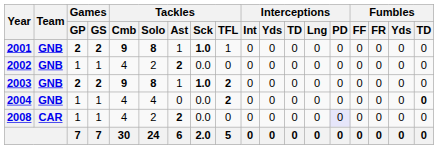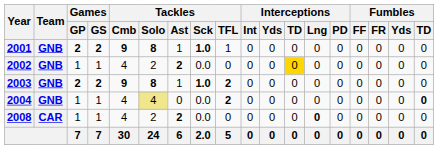 <table class="wikitable" style="text-align:center">
 <tr>
 <th rowspan="2">Year</th>
 <th rowspan="2">Team</th>
 <th colspan="2">Games</th>
 <th colspan="5">Tackles</th>
 <th colspan="5">Interceptions</th>
 <th colspan="4">Fumbles</th>
 </tr>
 <tr>
 <th>GP</th>
 <th>GS</th>
 <th>Cmb</th>
 <th>Solo</th>
 <th>Ast</th>
 <th>Sck</th>
 <th>TFL</th>
 <th>Int</th>
 <th>Yds</th>
 <th>TD</th>
 <th>Lng</th>
 <th>PD</th>
 <th>FF</th>
 <th>FR</th>
 <th>Yds</th>
 <th>TD</th>
 </tr>
 <tr>
 <th><a href='#'>2001</a></th>
 <th><a href='#'>GNB</a></th>
 <td><strong>2</strong></td>
 <td><strong>2</strong></td>
 <td><strong>9</strong></td>
 <td><strong>8</strong></td>
 <td>1</td>
 <td><strong>1.0</strong></td>
 <td>1</td>
 <td>0</td>
 <td>0</td>
 <td>0</td>
 <td>0</td>
 <td>0</td>
 <td>0</td>
 <td>0</td>
 <td>0</td>
 <td>0</td>
 </tr>
 <tr>
 <th><a href='#'>2002</a></th>
 <th><a href='#'>GNB</a></th>
 <td>1</td>
 <td>1</td>
 <td>4</td>
 <td>2</td>
 <td><strong>2</strong></td>
 <td>0.0</td>
 <td>0</td>
 <td>0</td>
 <td>0</td>
-<td>0</td>
+<td style="background: gold;">0</td>
 <td>0</td>
 <td>0</td>
 <td>0</td>
 <td>0</td>
 <td>0</td>
 <td>0</td>
 </tr>
 <tr>
 <th><a href='#'>2003</a></th>
 <th><a href='#'>GNB</a></th>
 <td><strong>2</strong></td>
 <td><strong>2</strong></td>
 <td><strong>9</strong></td>
 <td><strong>8</strong></td>
 <td>1</td>
 <td><strong>1.0</strong></td>
 <td><strong>2</strong></td>
 <td>0</td>
 <td>0</td>
 <td>0</td>
 <td>0</td>
 <td>0</td>
 <td>0</td>
 <td>0</td>
 <td>0</td>
 <td>0</td>
 </tr>
 <tr>
 <th><a href='#'>2004</a></th>
 <th><a href='#'>GNB</a></th>
 <td>1</td>
 <td>1</td>
 <td>4</td>
-<td>4</td>
+<td style="background: khaki;">4</td>
 <td>0</td>
 <td>0.0</td>
 <td><strong>2</strong></td>
 <td>0</td>
 <td>0</td>
 <td>0</td>
 <td>0</td>
 <td>0</td>
 <td>0</td>
 <td>0</td>
 <td>0</td>
 <td><strong>0</strong></td>
 </tr>
 <tr>
 <th><a href='#'>2008</a></th>
 <th><a href='#'>CAR</a></th>
 <td>1</td>
 <td>1</td>
 <td>4</td>
 <td>2</td>
 <td><strong>2</strong></td>
 <td>0.0</td>
 <td>0</td>
 <td>0</td>
 <td>0</td>
 <td>0</td>
+<td><strong>0</strong></td>
 <td>0</td>
-<td style="background: lavender;">0</td>
 <td>0</td>
 <td>0</td>
 <td>0</td>
 <td>0</td>
 </tr>
 <tr>
 <th colspan="2"></th>
 <th>7</th>
 <th>7</th>
 <th>30</th>
 <th>24</th>
 <th>6</th>
 <th>2.0</th>
 <th>5</th>
 <th>0</th>
 <th>0</th>
 <th>0</th>
 <th>0</th>
 <th>0</th>
 <th>0</th>
 <th>0</th>
 <th>0</th>
 <th>0</th>
 </tr>
 </table>
